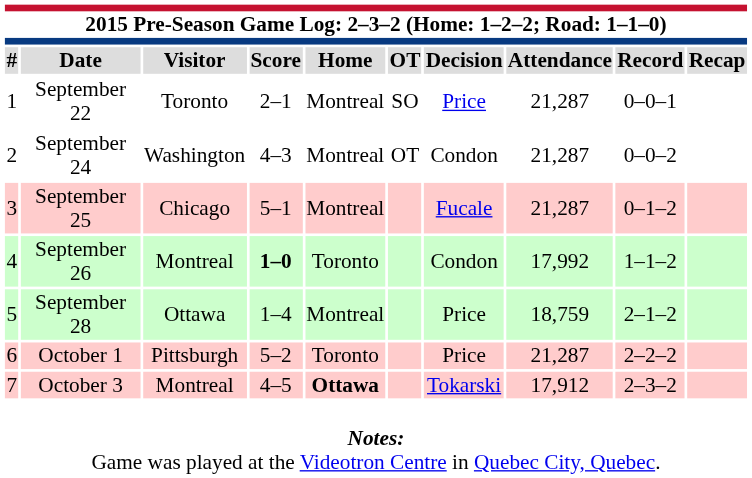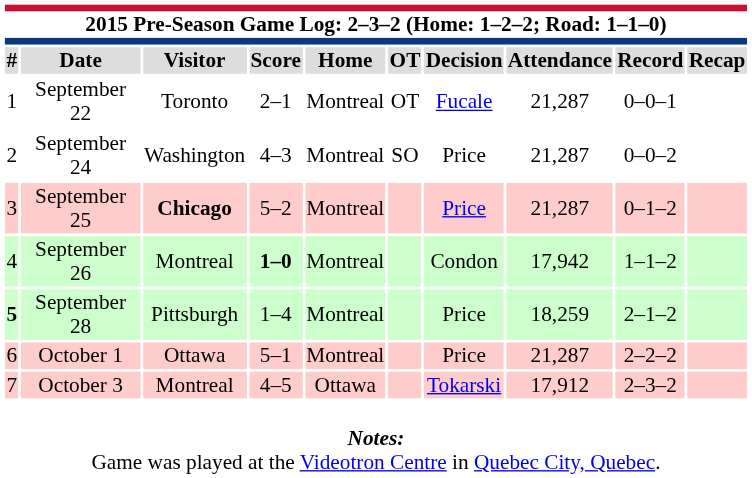 <table class="toccolours collapsible collapsed" style="width:90%; clear:both; margin:1.5em auto; text-align:center;">
 <tr>
 <th colspan=10 style="background:#fff; border-top:#C51230 5px solid; border-bottom:#083A81 5px solid;">2015 Pre-Season Game Log: 2–3–2 (Home: 1–2–2; Road: 1–1–0)</th>
 </tr>
 <tr style="text-align:center; background:#ddd;">
 <th>#</th>
 <th>Date</th>
 <th>Visitor</th>
 <th>Score</th>
 <th>Home</th>
 <th>OT</th>
 <th>Decision</th>
 <th>Attendance</th>
 <th>Record</th>
 <th>Recap</th>
 </tr>
 <tr style="text-align:center; background:#fff;">
 <td>1</td>
 <td>September 22</td>
 <td>Toronto</td>
 <td>2–1</td>
 <td>Montreal</td>
-<td>SO</td>
-<td><a href='#'>Price</a></td>
+<td>OT</td>
+<td><a href='#'>Fucale</a></td>
 <td>21,287</td>
 <td>0–0–1</td>
 <td></td>
 </tr>
 <tr style="text-align:center; background:#fff;">
 <td>2</td>
 <td>September 24</td>
 <td>Washington</td>
 <td>4–3</td>
 <td>Montreal</td>
-<td>OT</td>
-<td>Condon</td>
+<td>SO</td>
+<td>Price</td>
 <td>21,287</td>
 <td>0–0–2</td>
 <td></td>
 </tr>
 <tr style="text-align:center; background:#fcc;">
 <td>3</td>
 <td>September 25</td>
-<td>Chicago</td>
-<td>5–1</td>
+<td><strong>Chicago</strong></td>
+<td>5–2</td>
 <td>Montreal</td>
 <td></td>
-<td><a href='#'>Fucale</a></td>
+<td><a href='#'>Price</a></td>
 <td>21,287</td>
 <td>0–1–2</td>
 <td></td>
 </tr>
 <tr style="text-align:center; background:#cfc;">
 <td>4</td>
 <td>September 26</td>
 <td>Montreal</td>
 <td><strong>1–0</strong></td>
-<td>Toronto</td>
+<td>Montreal</td>
 <td></td>
 <td>Condon</td>
-<td>17,992</td>
+<td>17,942</td>
 <td>1–1–2</td>
 <td></td>
 </tr>
 <tr style="text-align:center; background:#cfc;">
-<td>5</td>
+<td><strong>5</strong></td>
 <td>September 28</td>
-<td>Ottawa</td>
+<td>Pittsburgh</td>
 <td>1–4</td>
 <td>Montreal</td>
 <td></td>
 <td>Price</td>
-<td>18,759</td>
+<td>18,259</td>
 <td>2–1–2</td>
 <td></td>
 </tr>
 <tr style="text-align:center; background:#fcc;">
 <td>6</td>
 <td>October 1</td>
-<td>Pittsburgh</td>
-<td>5–2</td>
-<td>Toronto</td>
+<td>Ottawa</td>
+<td>5–1</td>
+<td>Montreal</td>
 <td></td>
 <td>Price</td>
 <td>21,287</td>
 <td>2–2–2</td>
 <td></td>
 </tr>
 <tr style="text-align:center; background:#fcc;">
 <td>7</td>
 <td>October 3</td>
 <td>Montreal</td>
 <td>4–5</td>
-<td><strong>Ottawa</strong></td>
+<td>Ottawa</td>
 <td></td>
 <td><a href='#'>Tokarski</a></td>
 <td>17,912</td>
 <td>2–3–2</td>
 <td></td>
 </tr>
 <tr>
 <td colspan="10" style="text-align:center;"><br><strong><em>Notes:</em></strong><br> Game was played at the <a href='#'>Videotron Centre</a> in <a href='#'>Quebec City, Quebec</a>.</td>
 </tr>
 </table>
